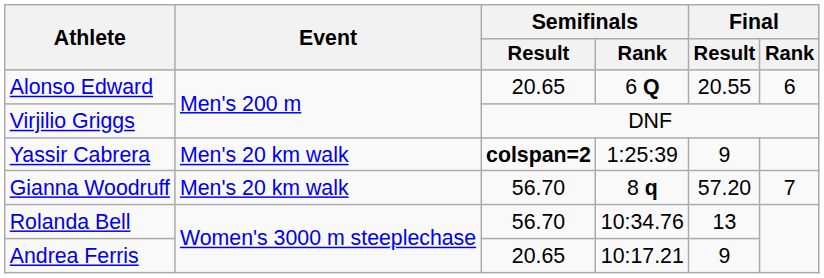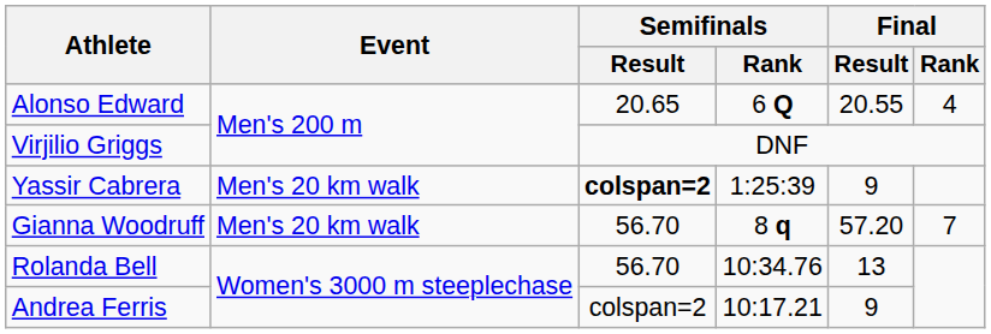 <table class=wikitable style="font-size:90%">
 <tr>
 <th rowspan="2">Athlete</th>
 <th rowspan="2">Event</th>
 <th colspan="2">Semifinals</th>
 <th colspan="2">Final</th>
 </tr>
 <tr style="font-size:95%">
 <th>Result</th>
 <th>Rank</th>
 <th>Result</th>
 <th>Rank</th>
 </tr>
 <tr align=center>
 <td align=left><a href='#'>Alonso Edward</a></td>
 <td align=left rowspan=2><a href='#'>Men's 200 m</a></td>
 <td>20.65</td>
 <td>6 <strong>Q</strong></td>
 <td>20.55</td>
-<td>6</td>
+<td>4</td>
 </tr>
 <tr align=center>
 <td align=left><a href='#'>Virjilio Griggs</a></td>
 <td colspan=4>DNF</td>
 </tr>
 <tr align=center>
 <td align=left><a href='#'>Yassir Cabrera</a></td>
 <td align=left><a href='#'>Men's 20 km walk</a></td>
 <td><strong>colspan=2 </strong></td>
 <td>1:25:39</td>
 <td>9</td>
 </tr>
 <tr align=center>
 <td align=left><a href='#'>Gianna Woodruff</a></td>
 <td align=left><a href='#'>Men's 20 km walk</a></td>
 <td>56.70</td>
 <td>8 <strong>q</strong></td>
 <td>57.20</td>
 <td>7</td>
 </tr>
 <tr align=center>
 <td align=left><a href='#'>Rolanda Bell</a></td>
 <td align=left rowspan=2><a href='#'>Women's 3000 m steeplechase</a></td>
 <td>56.70</td>
 <td>10:34.76</td>
 <td>13</td>
 </tr>
 <tr align=center>
 <td align=left><a href='#'>Andrea Ferris</a></td>
-<td>20.65</td>
+<td>colspan=2 </td>
 <td>10:17.21</td>
 <td>9</td>
 </tr>
 </table>
